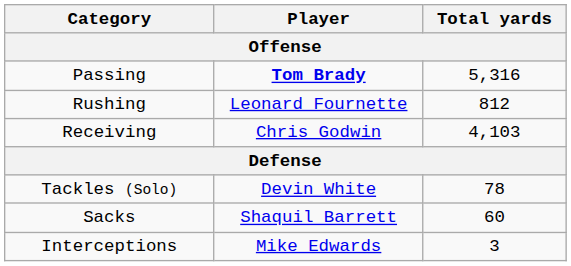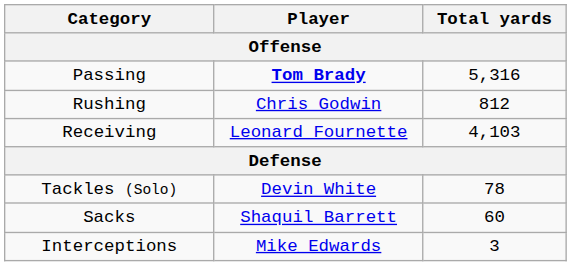 <table class="wikitable" style="text-align:center">
 <tr>
 <th width="150">Category</th>
 <th width="150">Player</th>
 <th width="100">Total yards</th>
 </tr>
 <tr>
 <th align="center" colspan="4">Offense</th>
 </tr>
 <tr>
 <td>Passing</td>
 <td><strong><a href='#'>Tom Brady</a></strong></td>
 <td>5,316</td>
 </tr>
 <tr>
 <td>Rushing</td>
-<td><a href='#'>Leonard Fournette</a></td>
+<td><a href='#'>Chris Godwin</a></td>
 <td>812</td>
 </tr>
 <tr>
 <td>Receiving</td>
-<td><a href='#'>Chris Godwin</a></td>
+<td><a href='#'>Leonard Fournette</a></td>
 <td>4,103</td>
 </tr>
 <tr>
 <th align="center" colspan="4">Defense</th>
 </tr>
 <tr>
 <td>Tackles <small>(Solo)</small></td>
 <td><a href='#'>Devin White</a></td>
 <td>78</td>
 </tr>
 <tr>
 <td>Sacks</td>
 <td><a href='#'>Shaquil Barrett</a></td>
 <td>60</td>
 </tr>
 <tr>
 <td>Interceptions</td>
 <td><a href='#'>Mike Edwards</a></td>
 <td>3</td>
 </tr>
 </table>
